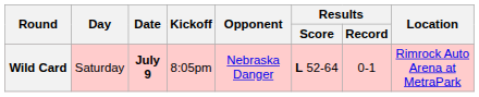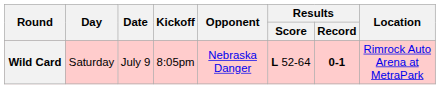 <table class="wikitable">
 <tr>
 <th rowspan="2" width="240">Round</th>
 <th rowspan="2" width="80">Day</th>
 <th rowspan="2" width="90">Date</th>
 <th rowspan="2" width="60">Kickoff</th>
 <th rowspan="2" width="180">Opponent</th>
 <th colspan="2" width="200">Results</th>
 <th rowspan="2" width="250">Location</th>
 </tr>
 <tr>
 <th width="140">Score</th>
 <th width="60">Record</th>
 </tr>
 <tr align="center" bgcolor="#FFCCCC">
 <th>Wild Card</th>
 <td>Saturday</td>
-<td><strong>July 9</strong></td>
+<td>July 9</td>
 <td>8:05pm</td>
 <td><a href='#'>Nebraska Danger</a></td>
 <td><strong>L</strong> 52-64</td>
-<td>0-1</td>
+<td><strong>0-1</strong></td>
 <td><a href='#'>Rimrock Auto Arena at MetraPark</a></td>
 </tr>
 </table>
